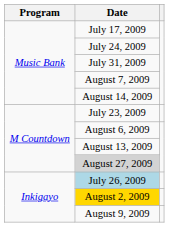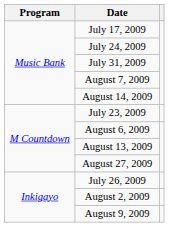 <table class="wikitable sortable" style="text-align:center">
 <tr>
 <th width="100">Program</th>
 <th width="120">Date</th>
 <th class="unsortable"></th>
 </tr>
 <tr>
 <td rowspan="5"><a href='#'><em>Music Bank</em></a></td>
 <td>July 17, 2009</td>
 <td rowspan="5"></td>
 </tr>
 <tr>
 <td>July 24, 2009</td>
 </tr>
 <tr>
 <td>July 31, 2009</td>
 </tr>
 <tr>
 <td>August 7, 2009</td>
 </tr>
 <tr>
 <td>August 14, 2009</td>
 </tr>
 <tr>
 <td rowspan="4"><em><a href='#'>M Countdown</a></em></td>
 <td>July 23, 2009</td>
 <td></td>
 </tr>
 <tr>
 <td>August 6, 2009</td>
 <td rowspan="3"></td>
 </tr>
 <tr>
 <td>August 13, 2009</td>
 </tr>
 <tr>
-<td style="background: lightgrey;">August 27, 2009</td>
+<td>August 27, 2009</td>
 </tr>
 <tr>
 <td rowspan="3"><em><a href='#'>Inkigayo</a></em></td>
-<td style="background: lightblue;">July 26, 2009</td>
+<td>July 26, 2009</td>
 <td></td>
 </tr>
 <tr>
-<td style="background: gold;">August 2, 2009</td>
+<td>August 2, 2009</td>
 <td></td>
 </tr>
 <tr>
 <td>August 9, 2009</td>
 <td></td>
 </tr>
 </table>
